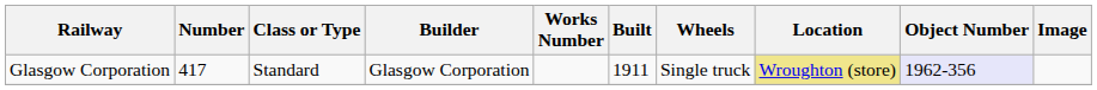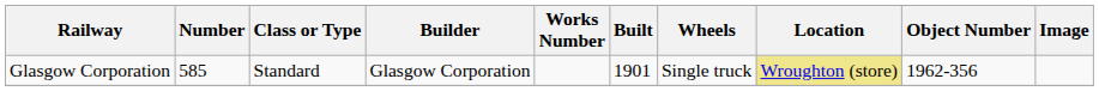 <table class="wikitable sortable">
 <tr>
 <th>Railway</th>
 <th>Number</th>
 <th>Class or Type</th>
 <th>Builder</th>
 <th>Works<br>Number</th>
 <th>Built</th>
 <th>Wheels</th>
 <th>Location</th>
 <th>Object Number</th>
 <th>Image</th>
 </tr>
 <tr>
 <td>Glasgow Corporation</td>
-<td>417</td>
+<td>585</td>
 <td>Standard</td>
 <td>Glasgow Corporation</td>
 <td></td>
-<td>1911</td>
+<td>1901</td>
 <td>Single truck</td>
 <td style="background: khaki;"><a href='#'>Wroughton</a> (store)</td>
-<td style="background: lavender;">1962-356</td>
+<td>1962-356</td>
 <td></td>
 </tr>
 <tr>
 </tr>
 <tr>
 </tr>
 </table>
